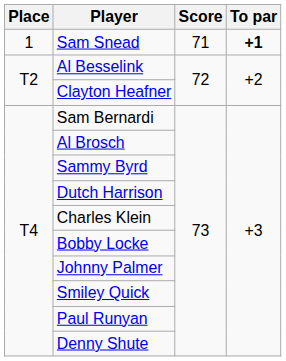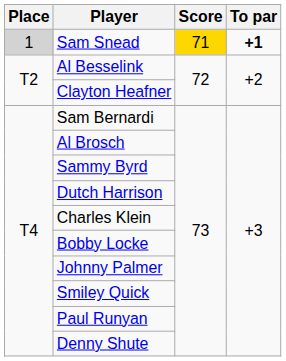 <table class=wikitable>
 <tr>
 <th>Place</th>
 <th>Player</th>
 <th>Score</th>
 <th>To par</th>
 </tr>
 <tr>
-<td align=center>1</td>
+<td align=center style="background: lightgrey;">1</td>
 <td> <a href='#'>Sam Snead</a></td>
-<td align=center>71</td>
+<td align=center style="background: gold;">71</td>
 <td align=center><strong>+1</strong></td>
 </tr>
 <tr>
 <td rowspan=2 align=center>T2</td>
 <td> <a href='#'>Al Besselink</a></td>
 <td rowspan=2 align=center>72</td>
 <td rowspan=2 align=center>+2</td>
 </tr>
 <tr>
 <td> <a href='#'>Clayton Heafner</a></td>
 </tr>
 <tr>
 <td rowspan=10 align=center>T4</td>
 <td> Sam Bernardi</td>
 <td rowspan=10 align=center>73</td>
 <td rowspan=10 align=center>+3</td>
 </tr>
 <tr>
 <td> <a href='#'>Al Brosch</a></td>
 </tr>
 <tr>
 <td> <a href='#'>Sammy Byrd</a></td>
 </tr>
 <tr>
 <td> <a href='#'>Dutch Harrison</a></td>
 </tr>
 <tr>
 <td> Charles Klein</td>
 </tr>
 <tr>
 <td> <a href='#'>Bobby Locke</a></td>
 </tr>
 <tr>
 <td> <a href='#'>Johnny Palmer</a></td>
 </tr>
 <tr>
 <td> <a href='#'>Smiley Quick</a></td>
 </tr>
 <tr>
 <td> <a href='#'>Paul Runyan</a></td>
 </tr>
 <tr>
 <td> <a href='#'>Denny Shute</a></td>
 </tr>
 </table>
